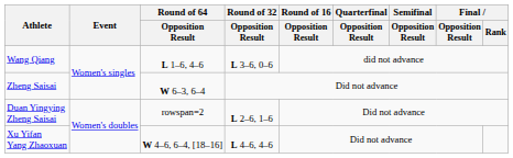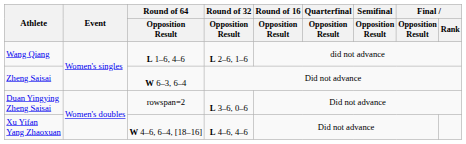 <table class="wikitable" style="font-size:90%;">
 <tr>
 <th rowspan=2>Athlete</th>
 <th rowspan=2>Event</th>
 <th>Round of 64</th>
 <th>Round of 32</th>
 <th>Round of 16</th>
 <th>Quarterfinal</th>
 <th>Semifinal</th>
 <th colspan=2>Final / </th>
 </tr>
 <tr style="font-size:95%">
 <th>Opposition<br>Result</th>
 <th>Opposition<br>Result</th>
 <th>Opposition<br>Result</th>
 <th>Opposition<br>Result</th>
 <th>Opposition<br>Result</th>
 <th>Opposition<br>Result</th>
 <th>Rank</th>
 </tr>
 <tr align=center>
 <td align=left><a href='#'>Wang Qiang</a></td>
 <td align=left rowspan=2><a href='#'>Women's singles</a></td>
 <td><br><strong>L</strong> 1–6, 4–6</td>
-<td><br> <strong>L</strong> 3–6, 0–6</td>
+<td><br><strong>L</strong> 2–6, 1–6</td>
 <td colspan=5>did not advance</td>
 </tr>
 <tr align=center>
 <td align=left><a href='#'>Zheng Saisai</a></td>
 <td><br> <strong>W</strong> 6–3, 6–4</td>
 <td colspan=6>Did not advance</td>
 </tr>
 <tr align=center>
 <td align=left><a href='#'>Duan Yingying</a><br><a href='#'>Zheng Saisai</a></td>
 <td align=left rowspan=2><a href='#'>Women's doubles</a></td>
 <td>rowspan=2 </td>
-<td><br><strong>L</strong> 2–6, 1–6</td>
+<td><br> <strong>L</strong> 3–6, 0–6</td>
 <td colspan=5>Did not advance</td>
 </tr>
 <tr align=center>
 <td align=left><a href='#'>Xu Yifan</a><br><a href='#'>Yang Zhaoxuan</a></td>
 <td> <br> <strong>W</strong> 4–6, 6–4, [18–16]</td>
 <td> <br> <strong>L</strong> 4–6, 4–6</td>
 <td colspan=4>Did not advance</td>
 </tr>
 </table>
